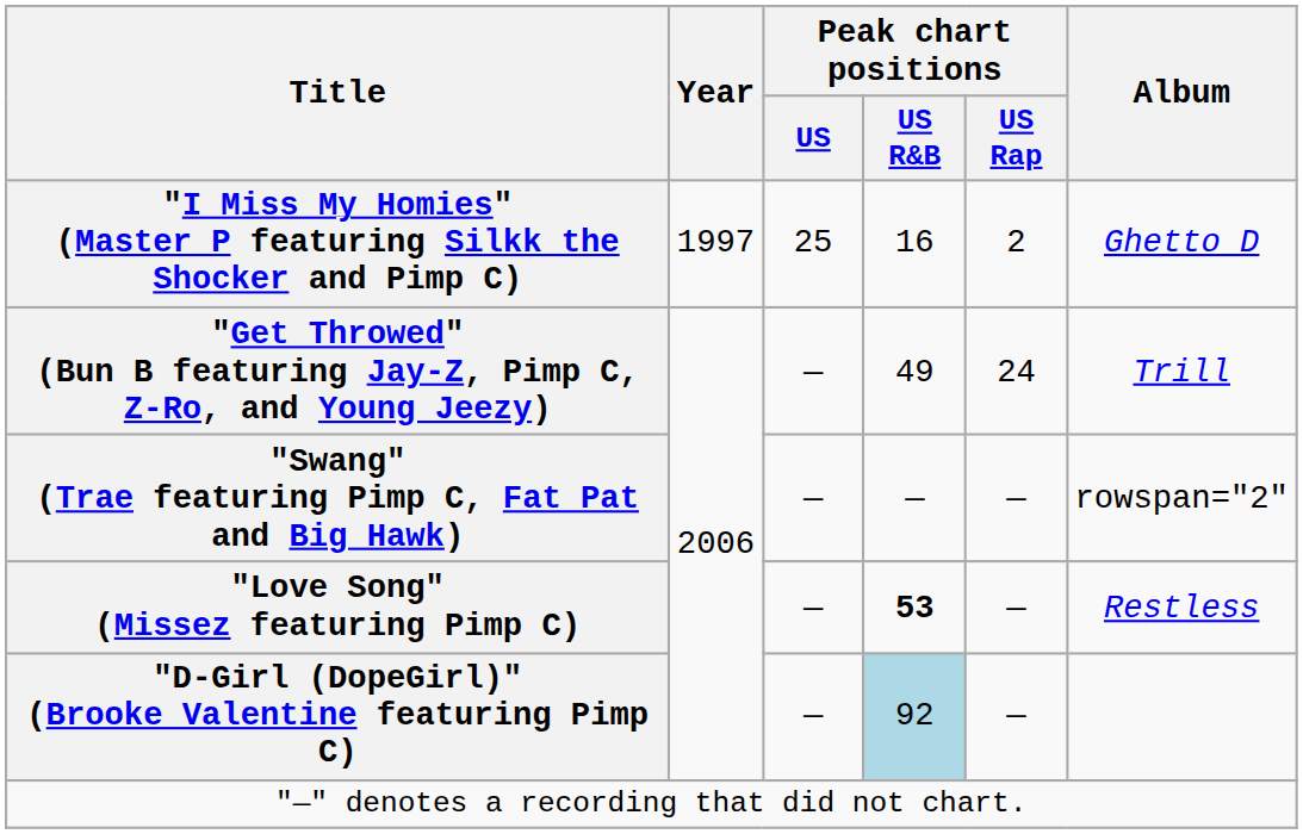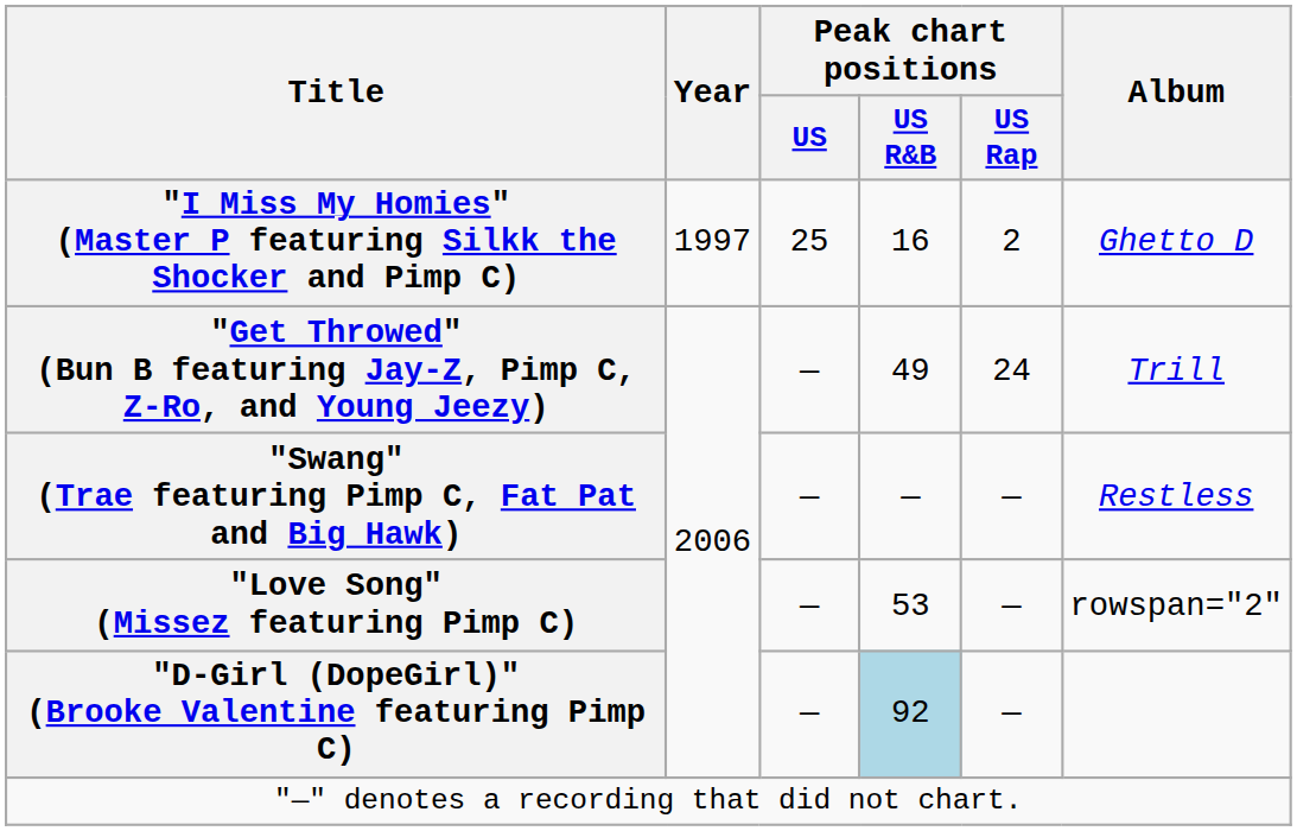 <table class="wikitable plainrowheaders" style="text-align:center;">
 <tr>
 <th scope="col" rowspan="2" style="width:20em;">Title</th>
 <th scope="col" rowspan="2">Year</th>
 <th scope="col" colspan="3">Peak chart positions</th>
 <th scope="col" rowspan="2">Album</th>
 </tr>
 <tr>
 <th scope="col" style="width:3em;font-size:90%;"><a href='#'>US</a><br></th>
 <th scope="col" style="width:3em;font-size:90%;"><a href='#'>US R&B</a><br></th>
 <th scope="col" style="width:3em;font-size:90%;"><a href='#'>US Rap</a><br></th>
 </tr>
 <tr>
 <th scope="row">"<a href='#'>I Miss My Homies</a>"<br><span>(<a href='#'>Master P</a> featuring <a href='#'>Silkk the Shocker</a> and Pimp C)</span></th>
 <td>1997</td>
 <td>25</td>
 <td>16</td>
 <td>2</td>
 <td><em><a href='#'>Ghetto D</a></em></td>
 </tr>
 <tr>
 <th scope="row">"<a href='#'>Get Throwed</a>"<br><span>(Bun B featuring <a href='#'>Jay-Z</a>, Pimp C, <a href='#'>Z-Ro</a>, and <a href='#'>Young Jeezy</a>)</span></th>
 <td rowspan="4">2006</td>
 <td>—</td>
 <td>49</td>
 <td>24</td>
 <td><em><a href='#'>Trill</a></em></td>
 </tr>
 <tr>
 <th scope="row">"Swang"<br><span>(<a href='#'>Trae</a> featuring Pimp C, <a href='#'>Fat Pat</a> and <a href='#'>Big Hawk</a>)</span></th>
 <td>—</td>
 <td>—</td>
 <td>—</td>
-<td>rowspan="2" </td>
+<td><em><a href='#'>Restless</a></em></td>
 </tr>
 <tr>
 <th scope="row">"Love Song"<br><span>(<a href='#'>Missez</a> featuring Pimp C)</span></th>
 <td>—</td>
-<td><strong>53</strong></td>
+<td>53</td>
 <td>—</td>
-<td><em><a href='#'>Restless</a></em></td>
+<td>rowspan="2" </td>
 </tr>
 <tr>
 <th scope="row">"D-Girl (DopeGirl)"<br><span>(<a href='#'>Brooke Valentine</a> featuring Pimp C)</span></th>
 <td>—</td>
 <td style="background: lightblue;">92</td>
 <td>—</td>
 </tr>
 <tr>
 <td colspan="6" align="center" style="font-size:90%;">"—" denotes a recording that did not chart.</td>
 </tr>
 </table>
